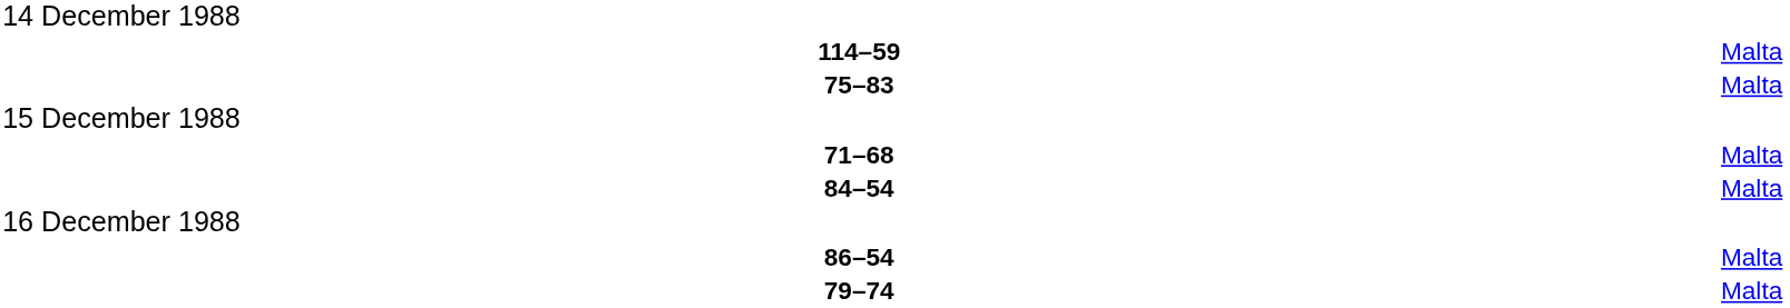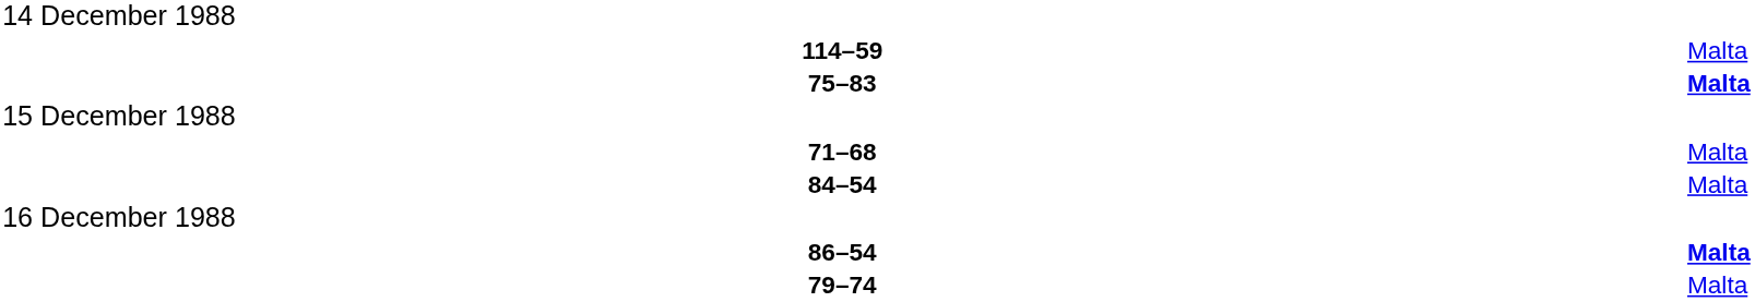 <table style="width:100%;" cellspacing="1">
 <tr>
 <th width=25%></th>
 <th width=3%></th>
 <th width=6%></th>
 <th width=3%></th>
 <th width=25%></th>
 </tr>
 <tr>
 <td>14 December 1988</td>
 </tr>
 <tr style=font-size:90%>
 <td align=right><strong></strong></td>
 <td></td>
 <td align=center><strong>114–59</strong></td>
 <td></td>
 <td><strong></strong></td>
 <td><a href='#'>Malta</a></td>
 </tr>
 <tr style=font-size:90%>
 <td align=right><strong></strong></td>
 <td></td>
 <td align=center><strong>75–83</strong></td>
 <td></td>
 <td><strong></strong></td>
-<td><a href='#'>Malta</a></td>
+<td><strong><a href='#'>Malta</a></strong></td>
 </tr>
 <tr>
 <td>15 December 1988</td>
 </tr>
 <tr style=font-size:90%>
 <td align=right><strong></strong></td>
 <td></td>
 <td align=center><strong>71–68</strong></td>
 <td></td>
 <td><strong></strong></td>
 <td><a href='#'>Malta</a></td>
 </tr>
 <tr style=font-size:90%>
 <td align=right><strong></strong></td>
 <td></td>
 <td align=center><strong>84–54</strong></td>
 <td></td>
 <td><strong></strong></td>
 <td><a href='#'>Malta</a></td>
 </tr>
 <tr>
 <td>16 December 1988</td>
 </tr>
 <tr style=font-size:90%>
 <td align=right><strong></strong></td>
 <td></td>
 <td align=center><strong>86–54</strong></td>
 <td></td>
 <td><strong></strong></td>
-<td><a href='#'>Malta</a></td>
+<td><strong><a href='#'>Malta</a></strong></td>
 </tr>
 <tr style=font-size:90%>
 <td align=right><strong></strong></td>
 <td></td>
 <td align=center><strong>79–74</strong></td>
 <td></td>
 <td><strong></strong></td>
 <td><a href='#'>Malta</a></td>
 </tr>
 </table>
